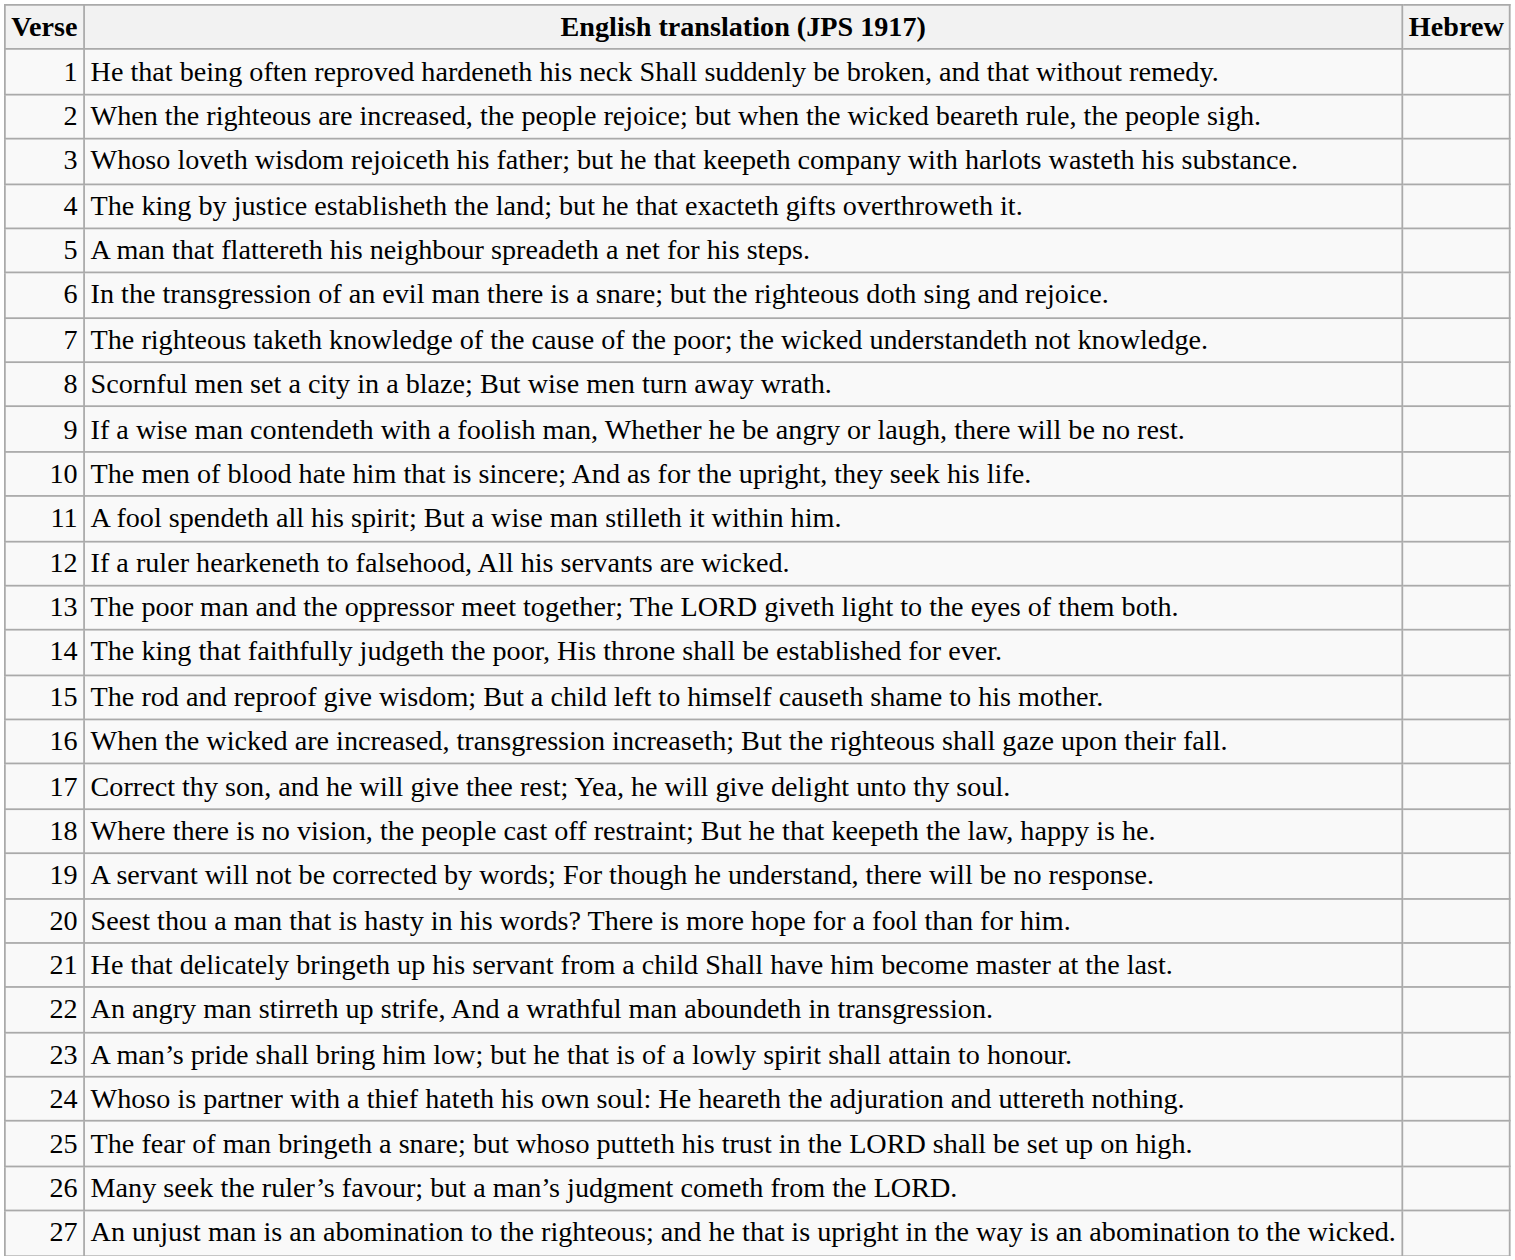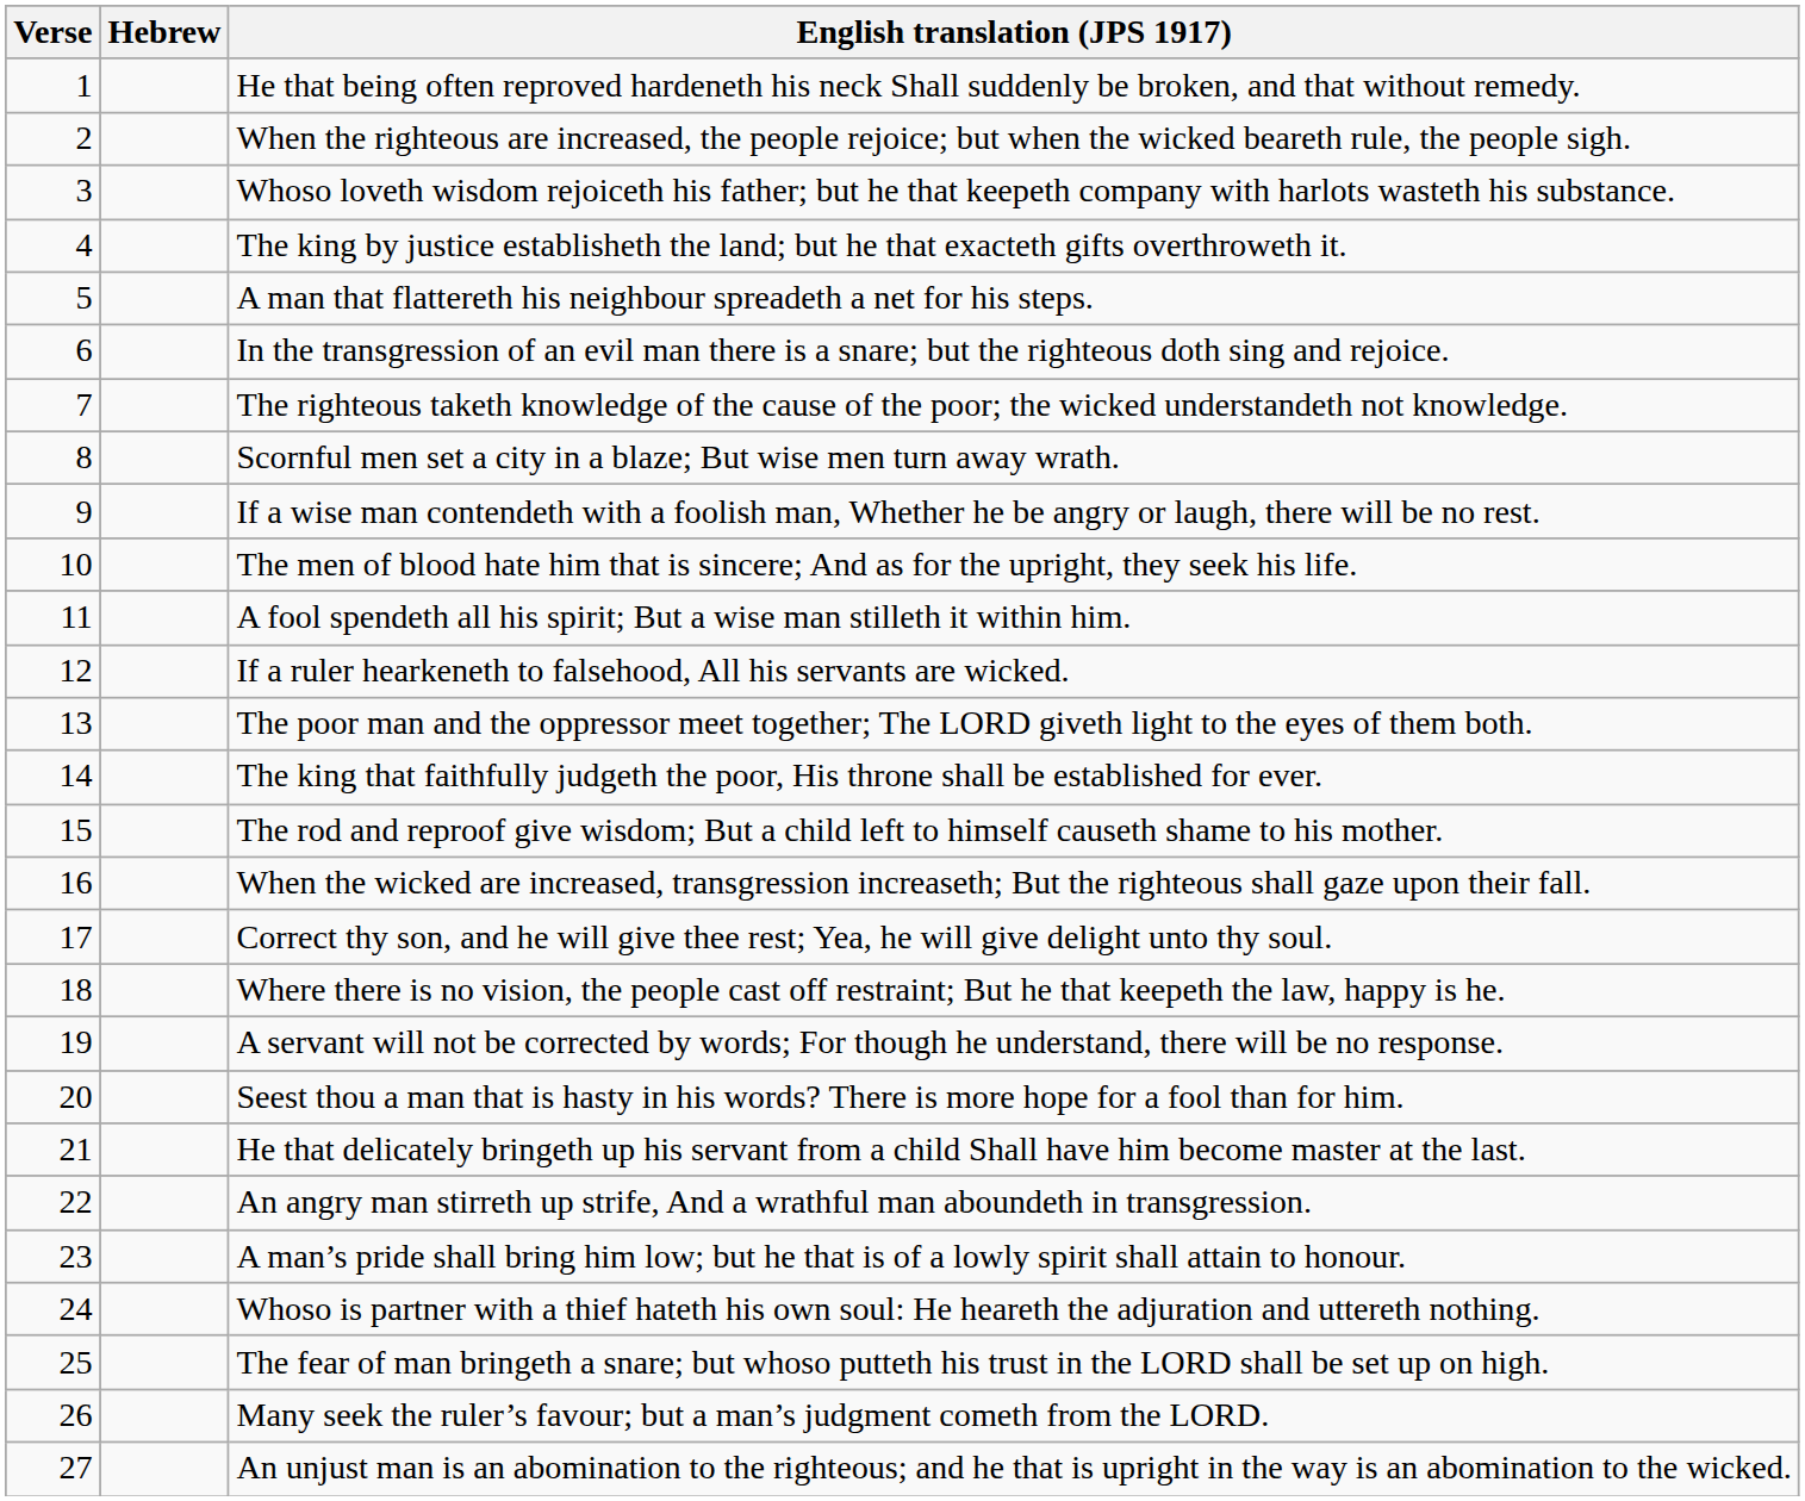 <table class="wikitable">
 <tr>
 <th>Verse</th>
+<th>Hebrew</th>
 <th>English translation (JPS 1917)</th>
-<th>Hebrew</th>
 </tr>
 <tr>
 <td style="text-align:right">1</td>
+<td style="text-align:right"></td>
 <td>He that being often reproved hardeneth his neck Shall suddenly be broken, and that without remedy.</td>
-<td style="text-align:right"></td>
 </tr>
 <tr>
 <td style="text-align:right">2</td>
+<td style="text-align:right"></td>
 <td>When the righteous are increased, the people rejoice; but when the wicked beareth rule, the people sigh.</td>
-<td style="text-align:right"></td>
 </tr>
 <tr>
 <td style="text-align:right">3</td>
+<td style="text-align:right"></td>
 <td>Whoso loveth wisdom rejoiceth his father; but he that keepeth company with harlots wasteth his substance.</td>
-<td style="text-align:right"></td>
 </tr>
 <tr>
 <td style="text-align:right">4</td>
+<td style="text-align:right"></td>
 <td>The king by justice establisheth the land; but he that exacteth gifts overthroweth it.</td>
-<td style="text-align:right"></td>
 </tr>
 <tr>
 <td style="text-align:right">5</td>
+<td style="text-align:right"></td>
 <td>A man that flattereth his neighbour spreadeth a net for his steps.</td>
-<td style="text-align:right"></td>
 </tr>
 <tr>
 <td style="text-align:right">6</td>
+<td style="text-align:right"></td>
 <td>In the transgression of an evil man there is a snare; but the righteous doth sing and rejoice.</td>
-<td style="text-align:right"></td>
 </tr>
 <tr>
 <td style="text-align:right">7</td>
+<td style="text-align:right"></td>
 <td>The righteous taketh knowledge of the cause of the poor; the wicked understandeth not knowledge.</td>
-<td style="text-align:right"></td>
 </tr>
 <tr>
 <td style="text-align:right">8</td>
+<td style="text-align:right"></td>
 <td>Scornful men set a city in a blaze; But wise men turn away wrath.</td>
-<td style="text-align:right"></td>
 </tr>
 <tr>
 <td style="text-align:right">9</td>
+<td style="text-align:right"></td>
 <td>If a wise man contendeth with a foolish man, Whether he be angry or laugh, there will be no rest.</td>
-<td style="text-align:right"></td>
 </tr>
 <tr>
 <td style="text-align:right">10</td>
+<td style="text-align:right"></td>
 <td>The men of blood hate him that is sincere; And as for the upright, they seek his life.</td>
-<td style="text-align:right"></td>
 </tr>
 <tr>
 <td style="text-align:right">11</td>
+<td style="text-align:right"></td>
 <td>A fool spendeth all his spirit; But a wise man stilleth it within him.</td>
-<td style="text-align:right"></td>
 </tr>
 <tr>
 <td style="text-align:right">12</td>
+<td style="text-align:right"></td>
 <td>If a ruler hearkeneth to falsehood, All his servants are wicked.</td>
-<td style="text-align:right"></td>
 </tr>
 <tr>
 <td style="text-align:right">13</td>
+<td style="text-align:right"></td>
 <td>The poor man and the oppressor meet together; The LORD giveth light to the eyes of them both.</td>
-<td style="text-align:right"></td>
 </tr>
 <tr>
 <td style="text-align:right">14</td>
+<td style="text-align:right"></td>
 <td>The king that faithfully judgeth the poor, His throne shall be established for ever.</td>
-<td style="text-align:right"></td>
 </tr>
 <tr>
 <td style="text-align:right">15</td>
+<td style="text-align:right"></td>
 <td>The rod and reproof give wisdom; But a child left to himself causeth shame to his mother.</td>
-<td style="text-align:right"></td>
 </tr>
 <tr>
 <td style="text-align:right">16</td>
+<td style="text-align:right"></td>
 <td>When the wicked are increased, transgression increaseth; But the righteous shall gaze upon their fall.</td>
-<td style="text-align:right"></td>
 </tr>
 <tr>
 <td style="text-align:right">17</td>
+<td style="text-align:right"></td>
 <td>Correct thy son, and he will give thee rest; Yea, he will give delight unto thy soul.</td>
-<td style="text-align:right"></td>
 </tr>
 <tr>
 <td style="text-align:right">18</td>
+<td style="text-align:right"></td>
 <td>Where there is no vision, the people cast off restraint; But he that keepeth the law, happy is he.</td>
-<td style="text-align:right"></td>
 </tr>
 <tr>
 <td style="text-align:right">19</td>
+<td style="text-align:right"></td>
 <td>A servant will not be corrected by words; For though he understand, there will be no response.</td>
-<td style="text-align:right"></td>
 </tr>
 <tr>
 <td style="text-align:right">20</td>
+<td style="text-align:right"></td>
 <td>Seest thou a man that is hasty in his words? There is more hope for a fool than for him.</td>
-<td style="text-align:right"></td>
 </tr>
 <tr>
 <td style="text-align:right">21</td>
+<td style="text-align:right"></td>
 <td>He that delicately bringeth up his servant from a child Shall have him become master at the last.</td>
-<td style="text-align:right"></td>
 </tr>
 <tr>
 <td style="text-align:right">22</td>
+<td style="text-align:right"></td>
 <td>An angry man stirreth up strife, And a wrathful man aboundeth in transgression.</td>
-<td style="text-align:right"></td>
 </tr>
 <tr>
 <td style="text-align:right">23</td>
+<td style="text-align:right"></td>
 <td>A man’s pride shall bring him low; but he that is of a lowly spirit shall attain to honour.</td>
-<td style="text-align:right"></td>
 </tr>
 <tr>
 <td style="text-align:right">24</td>
+<td style="text-align:right"></td>
 <td>Whoso is partner with a thief hateth his own soul: He heareth the adjuration and uttereth nothing.</td>
-<td style="text-align:right"></td>
 </tr>
 <tr>
 <td style="text-align:right">25</td>
+<td style="text-align:right"></td>
 <td>The fear of man bringeth a snare; but whoso putteth his trust in the LORD shall be set up on high.</td>
-<td style="text-align:right"></td>
 </tr>
 <tr>
 <td style="text-align:right">26</td>
+<td style="text-align:right"></td>
 <td>Many seek the ruler’s favour; but a man’s judgment cometh from the LORD.</td>
-<td style="text-align:right"></td>
 </tr>
 <tr>
 <td style="text-align:right">27</td>
+<td style="text-align:right"></td>
 <td>An unjust man is an abomination to the righteous; and he that is upright in the way is an abomination to the wicked.</td>
-<td style="text-align:right"></td>
 </tr>
 </table>
